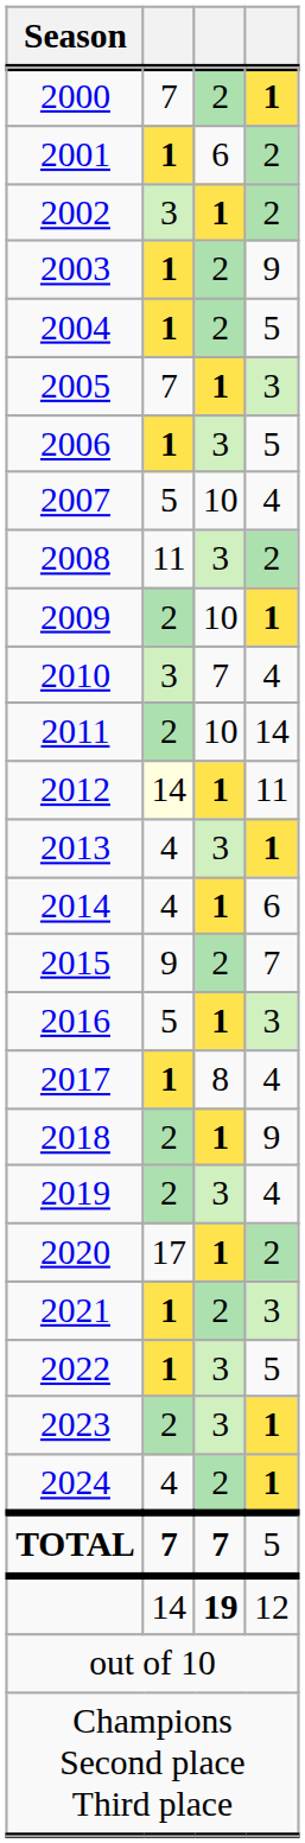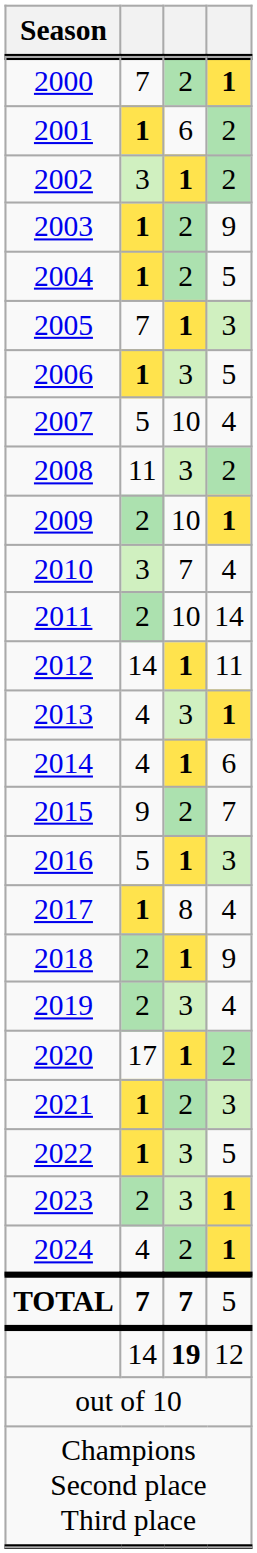 <table class="wikitable sortable" style="text-align:center; font-size:90%; float:right; margin-left:1em">
 <tr>
 <th>Season</th>
 <th></th>
 <th></th>
 <th></th>
 </tr>
 <tr style="border-top:3px solid black">
 </tr>
 <tr>
 <td><a href='#'>2000</a></td>
 <td>7</td>
 <td style="background: #ACE1AF;">2</td>
 <td style="background: #FFE34D;"><strong>1</strong></td>
 </tr>
 <tr>
 <td><a href='#'>2001</a></td>
 <td style="background: #FFE34D;"><strong>1</strong></td>
 <td>6</td>
 <td style="background: #ACE1AF;">2</td>
 </tr>
 <tr>
 <td><a href='#'>2002</a></td>
 <td style="background: #D0F0C0;">3</td>
 <td style="background: #FFE34D;"><strong>1</strong></td>
 <td style="background: #ACE1AF;">2</td>
 </tr>
 <tr>
 <td><a href='#'>2003</a></td>
 <td style="background: #FFE34D;"><strong>1</strong></td>
 <td style="background: #ACE1AF;">2</td>
 <td>9</td>
 </tr>
 <tr>
 <td><a href='#'>2004</a></td>
 <td style="background: #FFE34D;"><strong>1</strong></td>
 <td style="background: #ACE1AF;">2</td>
 <td>5</td>
 </tr>
 <tr>
 <td><a href='#'>2005</a></td>
 <td>7</td>
 <td style="background: #FFE34D;"><strong>1</strong></td>
 <td style="background: #D0F0C0;">3</td>
 </tr>
 <tr>
 <td><a href='#'>2006</a></td>
 <td style="background: #FFE34D;"><strong>1</strong></td>
 <td style="background: #D0F0C0;">3</td>
 <td>5</td>
 </tr>
 <tr>
 <td><a href='#'>2007</a></td>
 <td>5</td>
 <td>10</td>
 <td>4</td>
 </tr>
 <tr>
 <td><a href='#'>2008</a></td>
 <td>11</td>
 <td style="background: #D0F0C0;">3</td>
 <td style="background: #ACE1AF;">2</td>
 </tr>
 <tr>
 <td><a href='#'>2009</a></td>
 <td style="background: #ACE1AF;">2</td>
 <td>10</td>
 <td style="background: #FFE34D;"><strong>1</strong></td>
 </tr>
 <tr>
 <td><a href='#'>2010</a></td>
 <td style="background: #D0F0C0;">3</td>
 <td>7</td>
 <td>4</td>
 </tr>
 <tr>
 <td><a href='#'>2011</a></td>
 <td style="background: #ACE1AF;">2</td>
 <td>10</td>
 <td>14</td>
 </tr>
 <tr>
 <td><a href='#'>2012</a></td>
-<td style="background: lightyellow;">14</td>
+<td>14</td>
 <td style="background: #FFE34D;"><strong>1</strong></td>
 <td>11</td>
 </tr>
 <tr>
 <td><a href='#'>2013</a></td>
 <td>4</td>
 <td style="background: #D0F0C0;">3</td>
 <td style="background: #FFE34D;"><strong>1</strong></td>
 </tr>
 <tr>
 <td><a href='#'>2014</a></td>
 <td>4</td>
 <td style="background: #FFE34D;"><strong>1</strong></td>
 <td>6</td>
 </tr>
 <tr>
 <td><a href='#'>2015</a></td>
 <td>9</td>
 <td style="background: #ACE1AF;">2</td>
 <td>7</td>
 </tr>
 <tr>
 <td><a href='#'>2016</a></td>
 <td>5</td>
 <td style="background: #FFE34D;"><strong>1</strong></td>
 <td style="background: #D0F0C0;">3</td>
 </tr>
 <tr>
 <td><a href='#'>2017</a></td>
 <td style="background: #FFE34D;"><strong>1</strong></td>
 <td>8</td>
 <td>4</td>
 </tr>
 <tr>
 <td><a href='#'>2018</a></td>
 <td style="background: #ACE1AF;">2</td>
 <td style="background: #FFE34D;"><strong>1</strong></td>
 <td>9</td>
 </tr>
 <tr>
 <td><a href='#'>2019</a></td>
 <td style="background: #ACE1AF;">2</td>
 <td style="background: #D0F0C0;">3</td>
 <td>4</td>
 </tr>
 <tr>
 <td><a href='#'>2020</a></td>
 <td>17</td>
 <td style="background: #FFE34D;"><strong>1</strong></td>
 <td style="background: #ACE1AF;">2</td>
 </tr>
 <tr>
 <td><a href='#'>2021</a></td>
 <td style="background: #FFE34D;"><strong>1</strong></td>
 <td style="background: #ACE1AF;">2</td>
 <td style="background: #D0F0C0;">3</td>
 </tr>
 <tr>
 <td><a href='#'>2022</a></td>
 <td style="background: #FFE34D;"><strong>1</strong></td>
 <td style="background: #D0F0C0;">3</td>
 <td>5</td>
 </tr>
 <tr>
 <td><a href='#'>2023</a></td>
 <td style="background: #ACE1AF;">2</td>
 <td style="background: #D0F0C0;">3</td>
 <td style="background: #FFE34D;"><strong>1</strong></td>
 </tr>
 <tr>
 <td><a href='#'>2024</a></td>
 <td>4</td>
 <td style="background: #ACE1AF;">2</td>
 <td style="background: #FFE34D;"><strong>1</strong></td>
 </tr>
 <tr>
 </tr>
 <tr style="border-top:3px solid black" class="sortbottom">
 <td><strong>TOTAL</strong></td>
 <td><strong>7</strong></td>
 <td><strong>7</strong></td>
 <td>5</td>
 </tr>
 <tr style="border-top:3px solid black" class="sortbottom">
 <td><strong></strong></td>
 <td>14</td>
 <td><strong>19</strong></td>
 <td>12</td>
 </tr>
 <tr class="sortbottom">
 <td colspan="4">out of 10</td>
 </tr>
 <tr class="sortbottom">
 <td colspan="4"> Champions<br> Second place<br> Third place</td>
 </tr>
 <tr style="border-top:3px solid black" class="sortbottom">
 </tr>
 </table>
